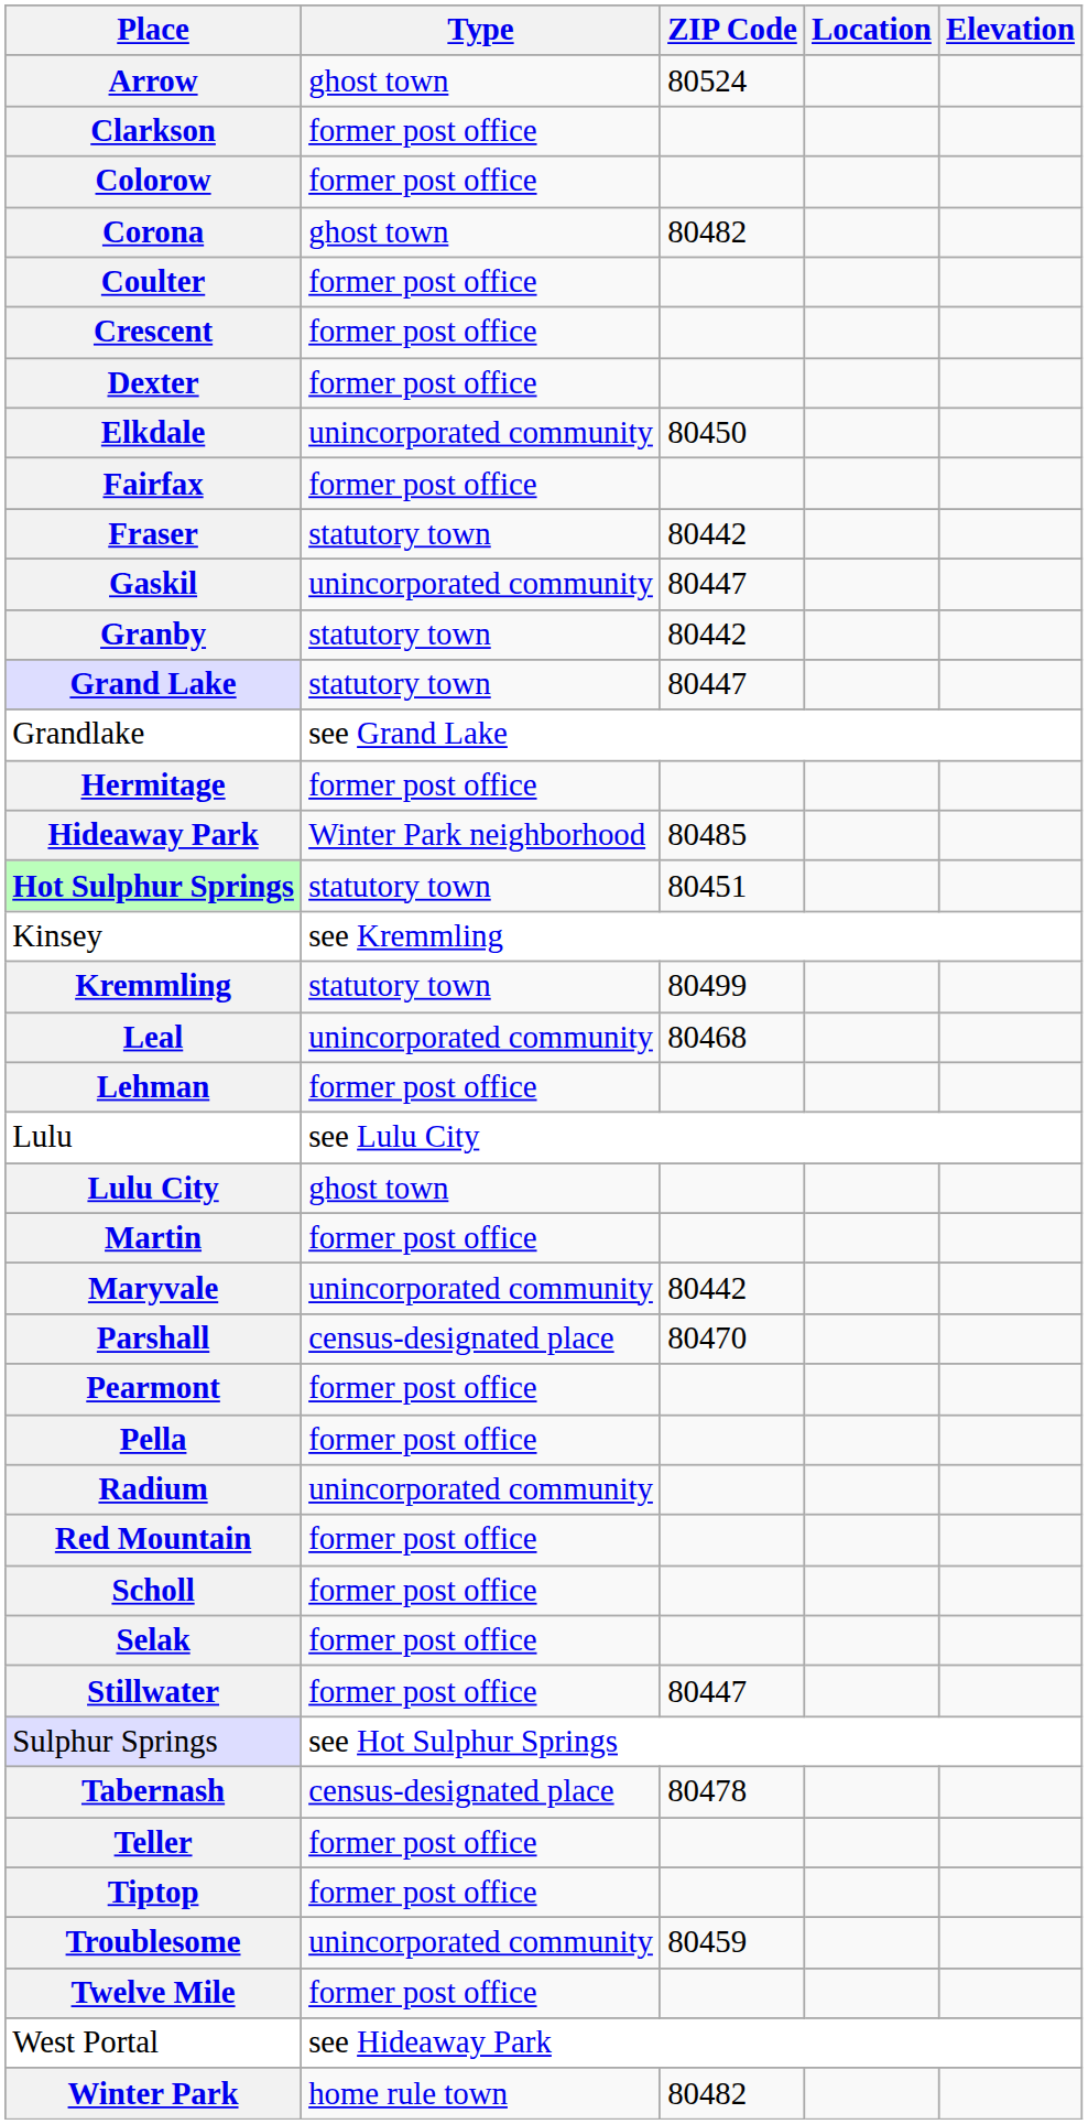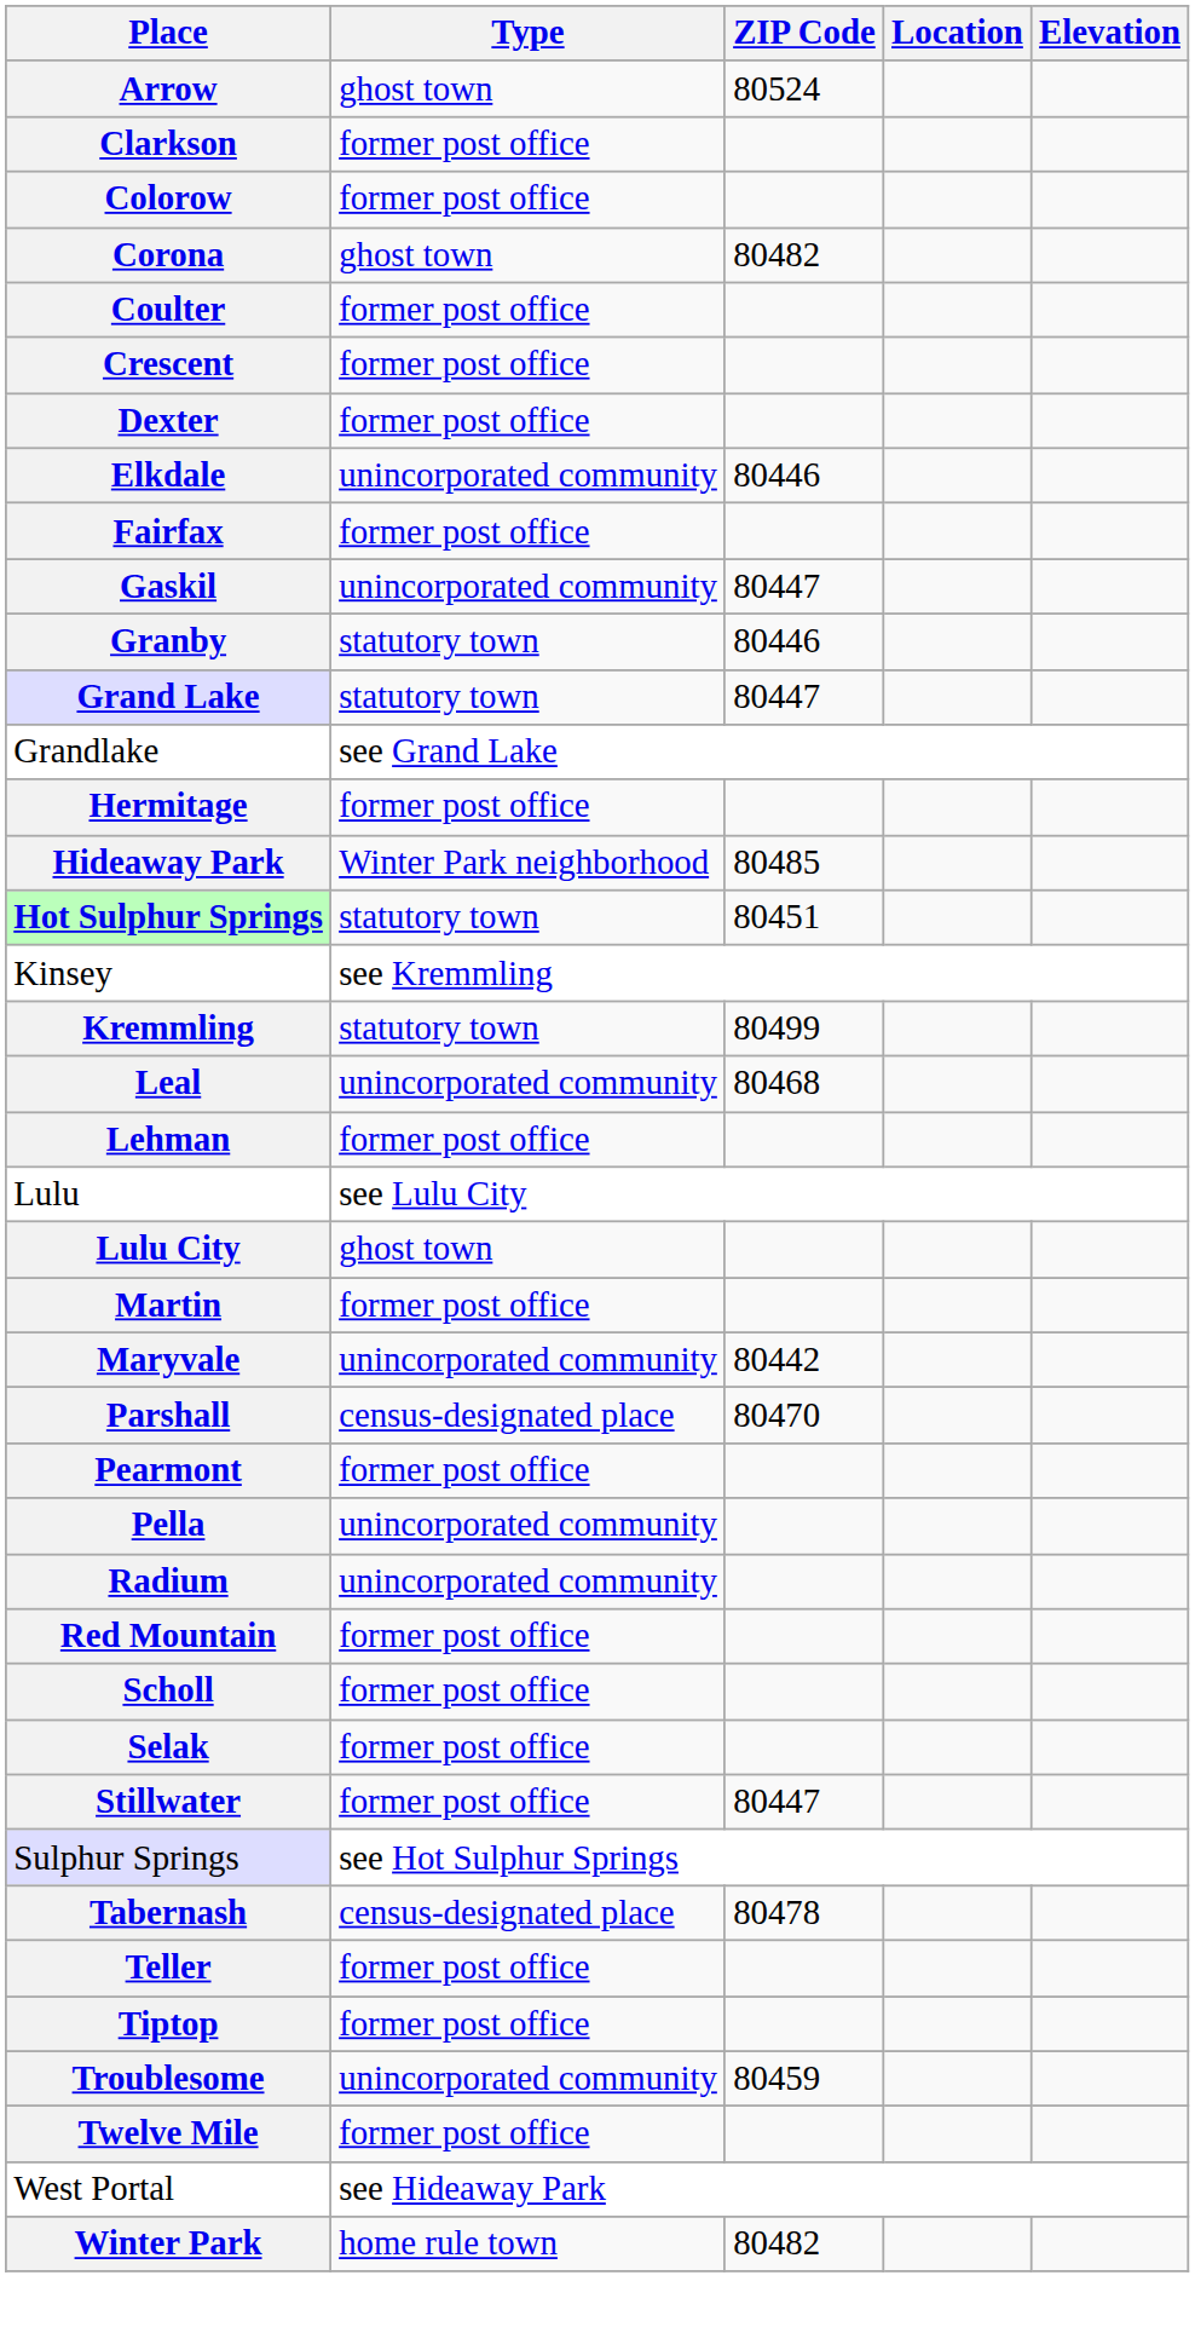 <table class="wikitable sortable  plainrowheaders" style="margin:auto;">
 <tr>
 <th scope=col><a href='#'>Place</a></th>
 <th scope=col><a href='#'>Type</a></th>
 <th scope=col><a href='#'>ZIP Code</a></th>
 <th scope=col><a href='#'>Location</a></th>
 <th scope=col><a href='#'>Elevation</a></th>
 </tr>
 <tr>
 <th scope=row><a href='#'>Arrow</a></th>
 <td><a href='#'>ghost town</a></td>
 <td align=central>80524</td>
 <td></td>
 <td></td>
 </tr>
 <tr>
 <th scope=row><a href='#'>Clarkson</a></th>
 <td><a href='#'>former post office</a></td>
 <td align=central></td>
 <td></td>
 <td></td>
 </tr>
 <tr>
 <th scope=row><a href='#'>Colorow</a></th>
 <td><a href='#'>former post office</a></td>
 <td align=central></td>
 <td></td>
 <td></td>
 </tr>
 <tr>
 <th scope=row><a href='#'>Corona</a></th>
 <td><a href='#'>ghost town</a></td>
 <td align=central>80482</td>
 <td></td>
 <td align=right></td>
 </tr>
 <tr>
 <th scope=row><a href='#'>Coulter</a></th>
 <td><a href='#'>former post office</a></td>
 <td align=central></td>
 <td></td>
 <td></td>
 </tr>
 <tr>
 <th scope=row><a href='#'>Crescent</a></th>
 <td><a href='#'>former post office</a></td>
 <td align=central></td>
 <td></td>
 <td></td>
 </tr>
 <tr>
 <th scope=row><a href='#'>Dexter</a></th>
 <td><a href='#'>former post office</a></td>
 <td align=central></td>
 <td></td>
 <td></td>
 </tr>
 <tr>
 <th scope=row><a href='#'>Elkdale</a></th>
 <td><a href='#'>unincorporated community</a></td>
-<td align=central>80450</td>
+<td align=central>80446</td>
 <td></td>
 <td align=right></td>
 </tr>
 <tr>
 <th scope=row><a href='#'>Fairfax</a></th>
 <td><a href='#'>former post office</a></td>
 <td align=central></td>
 <td></td>
 <td></td>
 </tr>
 <tr>
-<th scope=row><a href='#'>Fraser</a></th>
-<td><a href='#'>statutory town</a></td>
-<td align=central>80442</td>
-<td></td>
-<td align=right></td>
-</tr>
-<tr>
 <th scope=row><a href='#'>Gaskil</a></th>
 <td><a href='#'>unincorporated community</a></td>
 <td align=central>80447</td>
 <td></td>
 <td align=right></td>
 </tr>
 <tr>
 <th scope=row><a href='#'>Granby</a></th>
 <td><a href='#'>statutory town</a></td>
-<td align=central>80442</td>
+<td align=central>80446</td>
 <td></td>
 <td align=right></td>
 </tr>
 <tr>
 <th scope=row style="background:#DDDDFF;"><a href='#'>Grand Lake</a></th>
 <td><a href='#'>statutory town</a></td>
 <td align=central>80447</td>
 <td></td>
 <td align=right></td>
 </tr>
 <tr bgcolor=white>
 <td>Grandlake</td>
 <td colspan=4>see <a href='#'>Grand Lake</a></td>
 </tr>
 <tr>
 <th scope=row><a href='#'>Hermitage</a></th>
 <td><a href='#'>former post office</a></td>
 <td align=central></td>
 <td></td>
 <td></td>
 </tr>
 <tr>
 <th scope=row><a href='#'>Hideaway Park</a></th>
 <td><a href='#'>Winter Park neighborhood</a></td>
 <td align=central>80485</td>
 <td></td>
 <td align=right></td>
 </tr>
 <tr>
 <th scope=row style="background:#BBFFBB;"><a href='#'>Hot Sulphur Springs</a></th>
 <td><a href='#'>statutory town</a></td>
 <td align=central>80451</td>
 <td></td>
 <td align=right></td>
 </tr>
 <tr bgcolor=white>
 <td>Kinsey</td>
 <td colspan=4>see <a href='#'>Kremmling</a></td>
 </tr>
 <tr>
 <th scope=row><a href='#'>Kremmling</a></th>
 <td><a href='#'>statutory town</a></td>
 <td align=central>80499</td>
 <td></td>
 <td align=right></td>
 </tr>
 <tr>
 <th scope=row><a href='#'>Leal</a></th>
 <td><a href='#'>unincorporated community</a></td>
 <td align=central>80468</td>
 <td></td>
 <td align=right></td>
 </tr>
 <tr>
 <th scope=row><a href='#'>Lehman</a></th>
 <td><a href='#'>former post office</a></td>
 <td align=central></td>
 <td></td>
 <td></td>
 </tr>
 <tr bgcolor=white>
 <td>Lulu</td>
 <td colspan=4>see <a href='#'>Lulu City</a></td>
 </tr>
 <tr>
 <th scope=row><a href='#'>Lulu City</a></th>
 <td><a href='#'>ghost town</a></td>
 <td align=central></td>
 <td></td>
 <td></td>
 </tr>
 <tr>
 <th scope=row><a href='#'>Martin</a></th>
 <td><a href='#'>former post office</a></td>
 <td align=central></td>
 <td></td>
 <td></td>
 </tr>
 <tr>
 <th scope=row><a href='#'>Maryvale</a></th>
 <td><a href='#'>unincorporated community</a></td>
 <td align=central>80442</td>
 <td></td>
 <td align=right></td>
 </tr>
 <tr>
 <th scope=row><a href='#'>Parshall</a></th>
 <td><a href='#'>census-designated place</a></td>
 <td align=central>80470</td>
 <td></td>
 <td align=right></td>
 </tr>
 <tr>
 <th scope=row><a href='#'>Pearmont</a></th>
 <td><a href='#'>former post office</a></td>
 <td align=central></td>
 <td></td>
 <td></td>
 </tr>
 <tr>
 <th scope=row><a href='#'>Pella</a></th>
-<td><a href='#'>former post office</a></td>
+<td><a href='#'>unincorporated community</a></td>
 <td align=central></td>
 <td></td>
 <td></td>
 </tr>
 <tr>
 <th scope=row><a href='#'>Radium</a></th>
 <td><a href='#'>unincorporated community</a></td>
 <td align=central></td>
 <td></td>
 <td></td>
 </tr>
 <tr>
 <th scope=row><a href='#'>Red Mountain</a></th>
 <td><a href='#'>former post office</a></td>
 <td align=central></td>
 <td></td>
 <td></td>
 </tr>
 <tr>
 <th scope=row><a href='#'>Scholl</a></th>
 <td><a href='#'>former post office</a></td>
 <td align=central></td>
 <td></td>
 <td></td>
 </tr>
 <tr>
 <th scope=row><a href='#'>Selak</a></th>
 <td><a href='#'>former post office</a></td>
 <td align=central></td>
 <td></td>
 <td></td>
 </tr>
 <tr>
 <th scope=row><a href='#'>Stillwater</a></th>
 <td><a href='#'>former post office</a></td>
 <td align=central>80447</td>
 <td></td>
 <td></td>
 </tr>
 <tr bgcolor=white>
 <td style="background:#DDDDFF;">Sulphur Springs</td>
 <td colspan=4>see <a href='#'>Hot Sulphur Springs</a></td>
 </tr>
 <tr>
 <th scope=row><a href='#'>Tabernash</a></th>
 <td><a href='#'>census-designated place</a></td>
 <td align=central>80478</td>
 <td></td>
 <td align=right></td>
 </tr>
 <tr>
 <th scope=row><a href='#'>Teller</a></th>
 <td><a href='#'>former post office</a></td>
 <td align=central></td>
 <td></td>
 <td></td>
 </tr>
 <tr>
 <th scope=row><a href='#'>Tiptop</a></th>
 <td><a href='#'>former post office</a></td>
 <td align=central></td>
 <td></td>
 <td></td>
 </tr>
 <tr>
 <th scope=row><a href='#'>Troublesome</a></th>
 <td><a href='#'>unincorporated community</a></td>
 <td align=central>80459</td>
 <td></td>
 <td align=right></td>
 </tr>
 <tr>
 <th scope=row><a href='#'>Twelve Mile</a></th>
 <td><a href='#'>former post office</a></td>
 <td align=central></td>
 <td></td>
 <td></td>
 </tr>
 <tr bgcolor=white>
 <td>West Portal</td>
 <td colspan=4>see <a href='#'>Hideaway Park</a></td>
 </tr>
 <tr>
 <th scope=row><a href='#'>Winter Park</a></th>
 <td><a href='#'>home rule town</a></td>
 <td align=central>80482</td>
 <td></td>
 <td align=right></td>
 </tr>
 </table>
